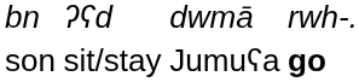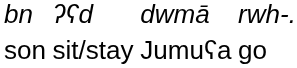 <table>
 <tr>
 <td><em>bn</em></td>
 <td><em>ʔʕd</em></td>
 <td><em>dwmā</em></td>
 <td><em>rwh-.</em></td>
 </tr>
 <tr>
 <td>son</td>
 <td>sit/stay</td>
 <td>Jumuʕa</td>
-<td><strong>go</strong></td>
+<td>go</td>
 </tr>
 </table>
